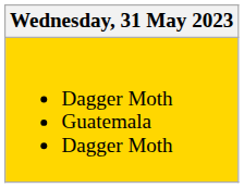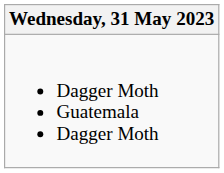 <table class="wikitable">
 <tr>
 <th>Wednesday, 31 May 2023</th>
 </tr>
 <tr valign="top">
-<td style="background: gold;"><br><ul><li>Dagger Moth</li><li>Guatemala</li><li>Dagger Moth</li></ul></td>
+<td><br><ul><li>Dagger Moth</li><li>Guatemala</li><li>Dagger Moth</li></ul></td>
 </tr>
 </table>
